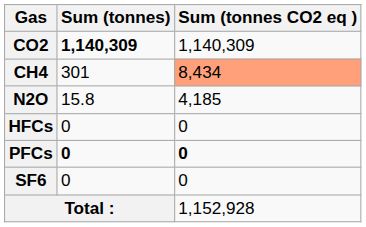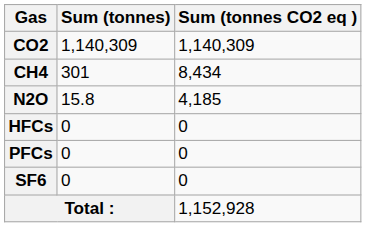 <table class="wikitable">
 <tr>
 <th>Gas</th>
 <th>Sum (tonnes)</th>
 <th>Sum (tonnes CO2 eq )</th>
 </tr>
 <tr>
 <th>CO2</th>
-<td><strong>1,140,309</strong></td>
+<td>1,140,309</td>
 <td>1,140,309</td>
 </tr>
 <tr>
 <th>CH4</th>
 <td>301</td>
-<td style="background: lightsalmon;">8,434</td>
+<td>8,434</td>
 </tr>
 <tr>
 <th>N2O</th>
 <td>15.8</td>
 <td>4,185</td>
 </tr>
 <tr>
 <th>HFCs</th>
 <td>0</td>
 <td>0</td>
 </tr>
 <tr>
 <th>PFCs</th>
-<td><strong>0</strong></td>
-<td><strong>0</strong></td>
+<td>0</td>
+<td>0</td>
 </tr>
 <tr>
 <th>SF6</th>
 <td>0</td>
 <td>0</td>
 </tr>
 <tr>
 <th colspan="2">Total :</th>
 <td>1,152,928</td>
 </tr>
 </table>
